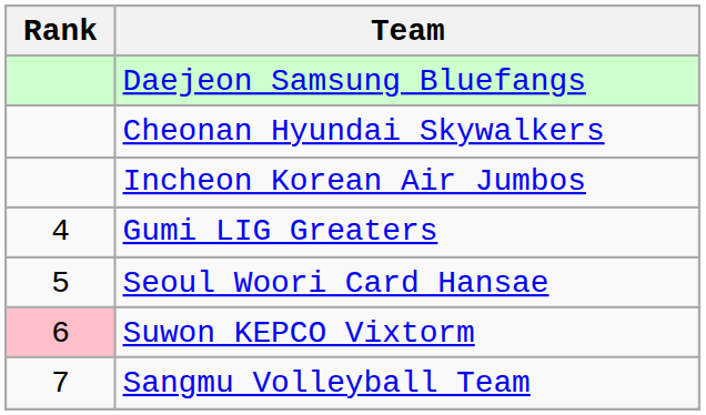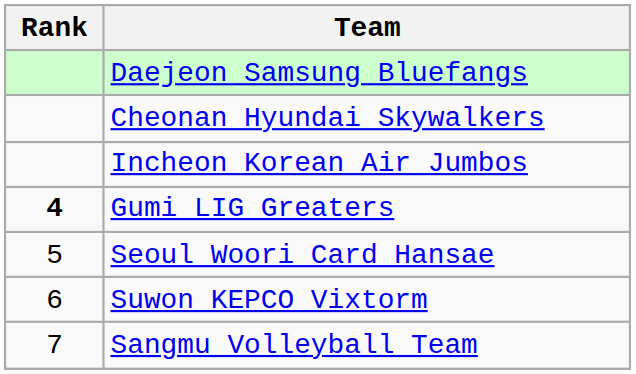 <table class="wikitable" style="text-align: center;">
 <tr>
 <th width=40>Rank</th>
 <th width=240>Team</th>
 </tr>
 <tr bgcolor=#ccffcc>
 <td></td>
 <td align=left><a href='#'>Daejeon Samsung Bluefangs</a></td>
 </tr>
 <tr>
 <td></td>
 <td align=left><a href='#'>Cheonan Hyundai Skywalkers</a></td>
 </tr>
 <tr>
 <td></td>
 <td align=left><a href='#'>Incheon Korean Air Jumbos</a></td>
 </tr>
 <tr>
-<td>4</td>
+<td><strong>4</strong></td>
 <td align=left><a href='#'>Gumi LIG Greaters</a></td>
 </tr>
 <tr>
 <td>5</td>
 <td align=left><a href='#'>Seoul Woori Card Hansae</a></td>
 </tr>
 <tr>
-<td style="background: pink;">6</td>
+<td>6</td>
 <td align=left><a href='#'>Suwon KEPCO Vixtorm</a></td>
 </tr>
 <tr>
 <td>7</td>
 <td align=left><a href='#'>Sangmu Volleyball Team</a></td>
 </tr>
 <tr>
 </tr>
 </table>
